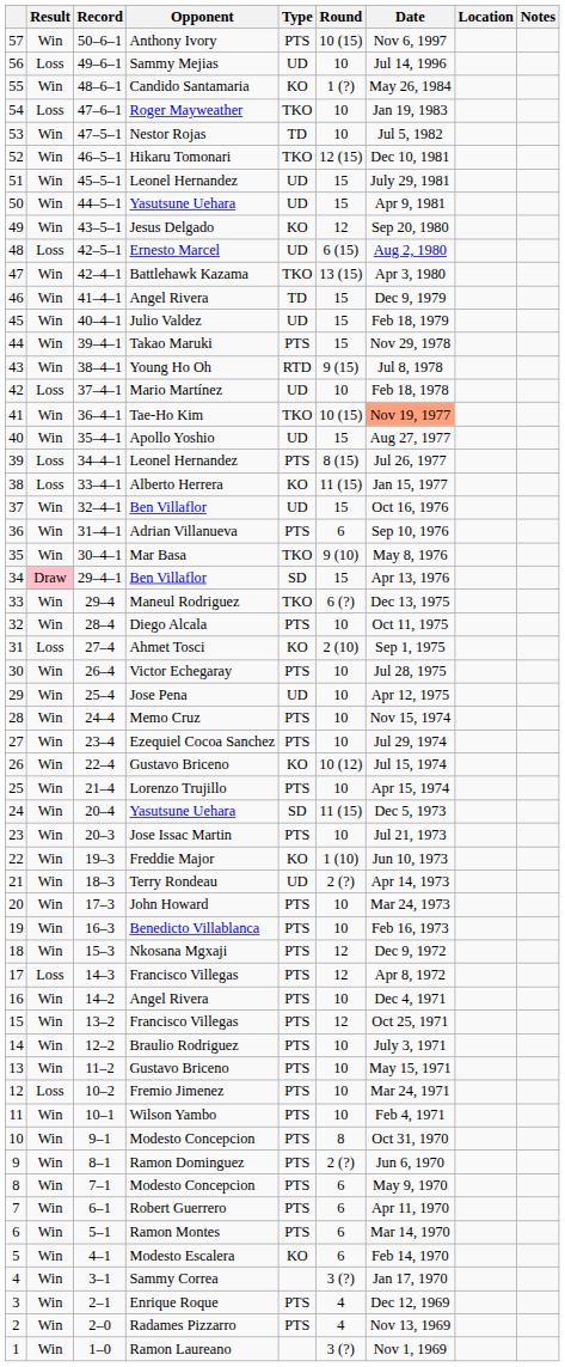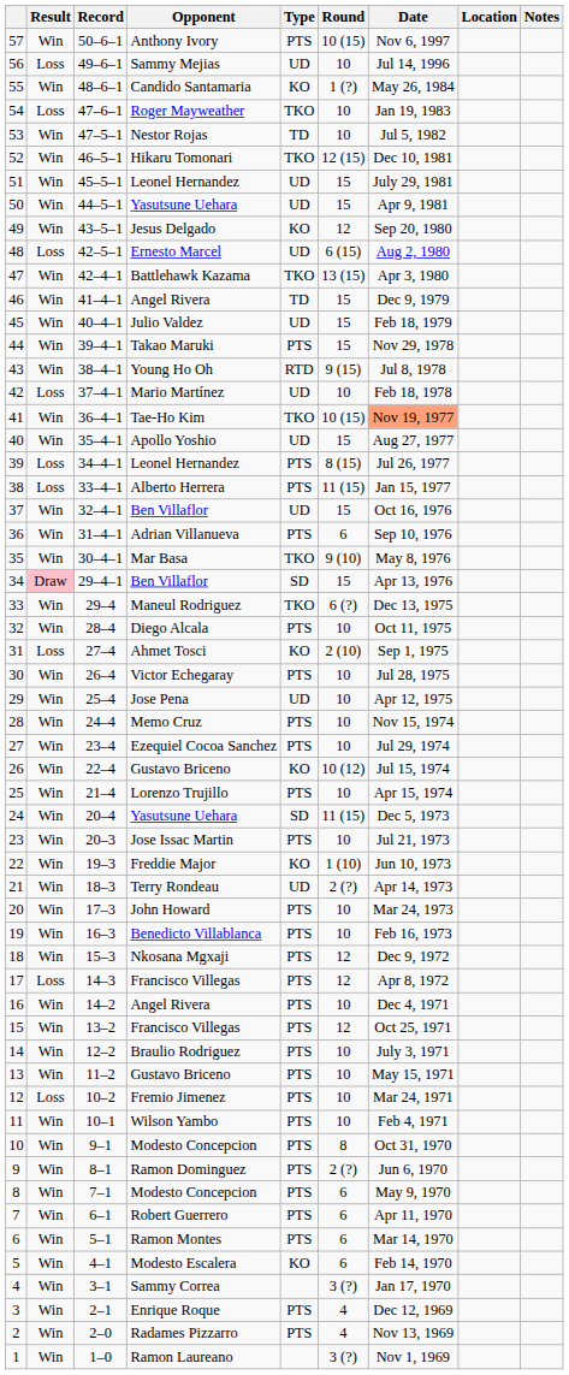 <table class="wikitable" style="text-align:center">
 <tr>
 <th></th>
 <th>Result</th>
 <th>Record</th>
 <th>Opponent</th>
 <th>Type</th>
 <th>Round</th>
 <th>Date</th>
 <th>Location</th>
 <th>Notes</th>
 </tr>
 <tr>
 <td>57</td>
 <td>Win</td>
 <td>50–6–1</td>
 <td align=left>Anthony Ivory</td>
 <td>PTS</td>
 <td>10 (15)</td>
 <td>Nov 6, 1997</td>
 <td align=left></td>
 <td align=left></td>
 </tr>
 <tr>
 <td>56</td>
 <td>Loss</td>
 <td>49–6–1</td>
 <td align=left>Sammy Mejias</td>
 <td>UD</td>
 <td>10</td>
 <td>Jul 14, 1996</td>
 <td align=left></td>
 <td align=left></td>
 </tr>
 <tr>
 <td>55</td>
 <td>Win</td>
 <td>48–6–1</td>
 <td align=left>Candido Santamaria</td>
 <td>KO</td>
 <td>1 (?)</td>
 <td>May 26, 1984</td>
 <td align=left></td>
 <td align=left></td>
 </tr>
 <tr>
 <td>54</td>
 <td>Loss</td>
 <td>47–6–1</td>
 <td align=left><a href='#'>Roger Mayweather</a></td>
 <td>TKO</td>
 <td>10</td>
 <td>Jan 19, 1983</td>
 <td align=left></td>
 <td align=left></td>
 </tr>
 <tr>
 <td>53</td>
 <td>Win</td>
 <td>47–5–1</td>
 <td align=left>Nestor Rojas</td>
 <td>TD</td>
 <td>10</td>
 <td>Jul 5, 1982</td>
 <td align=left></td>
 <td align=left></td>
 </tr>
 <tr>
 <td>52</td>
 <td>Win</td>
 <td>46–5–1</td>
 <td align=left>Hikaru Tomonari</td>
 <td>TKO</td>
 <td>12 (15)</td>
 <td>Dec 10, 1981</td>
 <td align=left></td>
 <td align=left></td>
 </tr>
 <tr>
 <td>51</td>
 <td>Win</td>
 <td>45–5–1</td>
 <td align=left>Leonel Hernandez</td>
 <td>UD</td>
 <td>15</td>
 <td>July 29, 1981</td>
 <td align=left></td>
 <td align=left></td>
 </tr>
 <tr>
 <td>50</td>
 <td>Win</td>
 <td>44–5–1</td>
 <td align=left><a href='#'>Yasutsune Uehara</a></td>
 <td>UD</td>
 <td>15</td>
 <td>Apr 9, 1981</td>
 <td align=left></td>
 <td align=left></td>
 </tr>
 <tr>
 <td>49</td>
 <td>Win</td>
 <td>43–5–1</td>
 <td align=left>Jesus Delgado</td>
 <td>KO</td>
 <td>12</td>
 <td>Sep 20, 1980</td>
 <td align=left></td>
 <td align=left></td>
 </tr>
 <tr>
 <td>48</td>
 <td>Loss</td>
 <td>42–5–1</td>
 <td align=left><a href='#'>Ernesto Marcel</a></td>
 <td>UD</td>
 <td>6 (15)</td>
 <td><a href='#'>Aug 2, 1980</a></td>
 <td align=left></td>
 <td align=left></td>
 </tr>
 <tr>
 <td>47</td>
 <td>Win</td>
 <td>42–4–1</td>
 <td align=left>Battlehawk Kazama</td>
 <td>TKO</td>
 <td>13 (15)</td>
 <td>Apr 3, 1980</td>
 <td align=left></td>
 <td align=left></td>
 </tr>
 <tr>
 <td>46</td>
 <td>Win</td>
 <td>41–4–1</td>
 <td align=left>Angel Rivera</td>
 <td>TD</td>
 <td>15</td>
 <td>Dec 9, 1979</td>
 <td align=left></td>
 <td align=left></td>
 </tr>
 <tr>
 <td>45</td>
 <td>Win</td>
 <td>40–4–1</td>
 <td align=left>Julio Valdez</td>
 <td>UD</td>
 <td>15</td>
 <td>Feb 18, 1979</td>
 <td align=left></td>
 <td align=left></td>
 </tr>
 <tr>
 <td>44</td>
 <td>Win</td>
 <td>39–4–1</td>
 <td align=left>Takao Maruki</td>
 <td>PTS</td>
 <td>15</td>
 <td>Nov 29, 1978</td>
 <td align=left></td>
 <td align=left></td>
 </tr>
 <tr>
 <td>43</td>
 <td>Win</td>
 <td>38–4–1</td>
 <td align=left>Young Ho Oh</td>
 <td>RTD</td>
 <td>9 (15)</td>
 <td>Jul 8, 1978</td>
 <td align=left></td>
 <td align=left></td>
 </tr>
 <tr>
 <td>42</td>
 <td>Loss</td>
 <td>37–4–1</td>
 <td align=left>Mario Martínez</td>
 <td>UD</td>
 <td>10</td>
 <td>Feb 18, 1978</td>
 <td align=left></td>
 <td align=left></td>
 </tr>
 <tr>
 <td>41</td>
 <td>Win</td>
 <td>36–4–1</td>
 <td align=left>Tae-Ho Kim</td>
 <td>TKO</td>
 <td>10 (15)</td>
 <td style="background: lightsalmon;">Nov 19, 1977</td>
 <td align=left></td>
 <td align=left></td>
 </tr>
 <tr>
 <td>40</td>
 <td>Win</td>
 <td>35–4–1</td>
 <td align=left>Apollo Yoshio</td>
 <td>UD</td>
 <td>15</td>
 <td>Aug 27, 1977</td>
 <td align=left></td>
 <td align=left></td>
 </tr>
 <tr>
 <td>39</td>
 <td>Loss</td>
 <td>34–4–1</td>
 <td align=left>Leonel Hernandez</td>
 <td>PTS</td>
 <td>8 (15)</td>
 <td>Jul 26, 1977</td>
 <td align=left></td>
 <td align=left></td>
 </tr>
 <tr>
 <td>38</td>
 <td>Loss</td>
 <td>33–4–1</td>
 <td align=left>Alberto Herrera</td>
-<td>KO</td>
+<td>PTS</td>
 <td>11 (15)</td>
 <td>Jan 15, 1977</td>
 <td align=left></td>
 <td align=left></td>
 </tr>
 <tr>
 <td>37</td>
 <td>Win</td>
 <td>32–4–1</td>
 <td align=left><a href='#'>Ben Villaflor</a></td>
 <td>UD</td>
 <td>15</td>
 <td>Oct 16, 1976</td>
 <td align=left></td>
 <td align=left></td>
 </tr>
 <tr>
 <td>36</td>
 <td>Win</td>
 <td>31–4–1</td>
 <td align=left>Adrian Villanueva</td>
 <td>PTS</td>
 <td>6</td>
 <td>Sep 10, 1976</td>
 <td align=left></td>
 <td align=left></td>
 </tr>
 <tr>
 <td>35</td>
 <td>Win</td>
 <td>30–4–1</td>
 <td align=left>Mar Basa</td>
 <td>TKO</td>
 <td>9 (10)</td>
 <td>May 8, 1976</td>
 <td align=left></td>
 <td align=left></td>
 </tr>
 <tr>
 <td>34</td>
 <td style="background: pink;">Draw</td>
 <td>29–4–1</td>
 <td align=left><a href='#'>Ben Villaflor</a></td>
 <td>SD</td>
 <td>15</td>
 <td>Apr 13, 1976</td>
 <td align=left></td>
 <td align=left></td>
 </tr>
 <tr>
 <td>33</td>
 <td>Win</td>
 <td>29–4</td>
 <td align=left>Maneul Rodriguez</td>
 <td>TKO</td>
 <td>6 (?)</td>
 <td>Dec 13, 1975</td>
 <td align=left></td>
 <td align=left></td>
 </tr>
 <tr>
 <td>32</td>
 <td>Win</td>
 <td>28–4</td>
 <td align=left>Diego Alcala</td>
 <td>PTS</td>
 <td>10</td>
 <td>Oct 11, 1975</td>
 <td align=left></td>
 <td align=left></td>
 </tr>
 <tr>
 <td>31</td>
 <td>Loss</td>
 <td>27–4</td>
 <td align=left>Ahmet Tosci</td>
 <td>KO</td>
 <td>2 (10)</td>
 <td>Sep 1, 1975</td>
 <td align=left></td>
 <td align=left></td>
 </tr>
 <tr>
 <td>30</td>
 <td>Win</td>
 <td>26–4</td>
 <td align=left>Victor Echegaray</td>
 <td>PTS</td>
 <td>10</td>
 <td>Jul 28, 1975</td>
 <td align=left></td>
 <td align=left></td>
 </tr>
 <tr>
 <td>29</td>
 <td>Win</td>
 <td>25–4</td>
 <td align=left>Jose Pena</td>
 <td>UD</td>
 <td>10</td>
 <td>Apr 12, 1975</td>
 <td align=left></td>
 <td align=left></td>
 </tr>
 <tr>
 <td>28</td>
 <td>Win</td>
 <td>24–4</td>
 <td align=left>Memo Cruz</td>
 <td>PTS</td>
 <td>10</td>
 <td>Nov 15, 1974</td>
 <td align=left></td>
 <td align=left></td>
 </tr>
 <tr>
 <td>27</td>
 <td>Win</td>
 <td>23–4</td>
 <td align=left>Ezequiel Cocoa Sanchez</td>
 <td>PTS</td>
 <td>10</td>
 <td>Jul 29, 1974</td>
 <td align=left></td>
 <td align=left></td>
 </tr>
 <tr>
 <td>26</td>
 <td>Win</td>
 <td>22–4</td>
 <td align=left>Gustavo Briceno</td>
 <td>KO</td>
 <td>10 (12)</td>
 <td>Jul 15, 1974</td>
 <td align=left></td>
 <td align=left></td>
 </tr>
 <tr>
 <td>25</td>
 <td>Win</td>
 <td>21–4</td>
 <td align=left>Lorenzo Trujillo</td>
 <td>PTS</td>
 <td>10</td>
 <td>Apr 15, 1974</td>
 <td align=left></td>
 <td align=left></td>
 </tr>
 <tr>
 <td>24</td>
 <td>Win</td>
 <td>20–4</td>
 <td align=left><a href='#'>Yasutsune Uehara</a></td>
 <td>SD</td>
 <td>11 (15)</td>
 <td>Dec 5, 1973</td>
 <td align=left></td>
 <td align=left></td>
 </tr>
 <tr>
 <td>23</td>
 <td>Win</td>
 <td>20–3</td>
 <td align=left>Jose Issac Martin</td>
 <td>PTS</td>
 <td>10</td>
 <td>Jul 21, 1973</td>
 <td align=left></td>
 <td align=left></td>
 </tr>
 <tr>
 <td>22</td>
 <td>Win</td>
 <td>19–3</td>
 <td align=left>Freddie Major</td>
 <td>KO</td>
 <td>1 (10)</td>
 <td>Jun 10, 1973</td>
 <td align=left></td>
 <td align=left></td>
 </tr>
 <tr>
 <td>21</td>
 <td>Win</td>
 <td>18–3</td>
 <td align=left>Terry Rondeau</td>
 <td>UD</td>
 <td>2 (?)</td>
 <td>Apr 14, 1973</td>
 <td align=left></td>
 <td align=left></td>
 </tr>
 <tr>
 <td>20</td>
 <td>Win</td>
 <td>17–3</td>
 <td align=left>John Howard</td>
 <td>PTS</td>
 <td>10</td>
 <td>Mar 24, 1973</td>
 <td align=left></td>
 <td align=left></td>
 </tr>
 <tr>
 <td>19</td>
 <td>Win</td>
 <td>16–3</td>
 <td align=left><a href='#'>Benedicto Villablanca</a></td>
 <td>PTS</td>
 <td>10</td>
 <td>Feb 16, 1973</td>
 <td align=left></td>
 <td align=left></td>
 </tr>
 <tr>
 <td>18</td>
 <td>Win</td>
 <td>15–3</td>
 <td align=left>Nkosana Mgxaji</td>
 <td>PTS</td>
 <td>12</td>
 <td>Dec 9, 1972</td>
 <td align=left></td>
 <td align=left></td>
 </tr>
 <tr>
 <td>17</td>
 <td>Loss</td>
 <td>14–3</td>
 <td align=left>Francisco Villegas</td>
 <td>PTS</td>
 <td>12</td>
 <td>Apr 8, 1972</td>
 <td align=left></td>
 <td align=left></td>
 </tr>
 <tr>
 <td>16</td>
 <td>Win</td>
 <td>14–2</td>
 <td align=left>Angel Rivera</td>
 <td>PTS</td>
 <td>10</td>
 <td>Dec 4, 1971</td>
 <td align=left></td>
 <td align=left></td>
 </tr>
 <tr>
 <td>15</td>
 <td>Win</td>
 <td>13–2</td>
 <td align=left>Francisco Villegas</td>
 <td>PTS</td>
 <td>12</td>
 <td>Oct 25, 1971</td>
 <td align=left></td>
 <td align=left></td>
 </tr>
 <tr>
 <td>14</td>
 <td>Win</td>
 <td>12–2</td>
 <td align=left>Braulio Rodriguez</td>
 <td>PTS</td>
 <td>10</td>
 <td>July 3, 1971</td>
 <td align=left></td>
 <td align=left></td>
 </tr>
 <tr>
 <td>13</td>
 <td>Win</td>
 <td>11–2</td>
 <td align=left>Gustavo Briceno</td>
 <td>PTS</td>
 <td>10</td>
 <td>May 15, 1971</td>
 <td align=left></td>
 <td align=left></td>
 </tr>
 <tr>
 <td>12</td>
 <td>Loss</td>
 <td>10–2</td>
 <td align=left>Fremio Jimenez</td>
 <td>PTS</td>
 <td>10</td>
 <td>Mar 24, 1971</td>
 <td align=left></td>
 <td align=left></td>
 </tr>
 <tr>
 <td>11</td>
 <td>Win</td>
 <td>10–1</td>
 <td align=left>Wilson Yambo</td>
 <td>PTS</td>
 <td>10</td>
 <td>Feb 4, 1971</td>
 <td align=left></td>
 <td align=left></td>
 </tr>
 <tr>
 <td>10</td>
 <td>Win</td>
 <td>9–1</td>
 <td align=left>Modesto Concepcion</td>
 <td>PTS</td>
 <td>8</td>
 <td>Oct 31, 1970</td>
 <td align=left></td>
 <td align=left></td>
 </tr>
 <tr>
 <td>9</td>
 <td>Win</td>
 <td>8–1</td>
 <td align=left>Ramon Dominguez</td>
 <td>PTS</td>
 <td>2 (?)</td>
 <td>Jun 6, 1970</td>
 <td align=left></td>
 <td align=left></td>
 </tr>
 <tr>
 <td>8</td>
 <td>Win</td>
 <td>7–1</td>
 <td align=left>Modesto Concepcion</td>
 <td>PTS</td>
 <td>6</td>
 <td>May 9, 1970</td>
 <td align=left></td>
 <td align=left></td>
 </tr>
 <tr>
 <td>7</td>
 <td>Win</td>
 <td>6–1</td>
 <td align=left>Robert Guerrero</td>
 <td>PTS</td>
 <td>6</td>
 <td>Apr 11, 1970</td>
 <td align=left></td>
 <td align=left></td>
 </tr>
 <tr>
 <td>6</td>
 <td>Win</td>
 <td>5–1</td>
 <td align=left>Ramon Montes</td>
 <td>PTS</td>
 <td>6</td>
 <td>Mar 14, 1970</td>
 <td align=left></td>
 <td align=left></td>
 </tr>
 <tr>
 <td>5</td>
 <td>Win</td>
 <td>4–1</td>
 <td align=left>Modesto Escalera</td>
 <td>KO</td>
 <td>6</td>
 <td>Feb 14, 1970</td>
 <td align=left></td>
 <td align=left></td>
 </tr>
 <tr>
 <td>4</td>
 <td>Win</td>
 <td>3–1</td>
 <td align=left>Sammy Correa</td>
 <td></td>
 <td>3 (?)</td>
 <td>Jan 17, 1970</td>
 <td align=left></td>
 <td align=left></td>
 </tr>
 <tr>
 <td>3</td>
 <td>Win</td>
 <td>2–1</td>
 <td align=left>Enrique Roque</td>
 <td>PTS</td>
 <td>4</td>
 <td>Dec 12, 1969</td>
 <td align=left></td>
 <td align=left></td>
 </tr>
 <tr>
 <td>2</td>
 <td>Win</td>
 <td>2–0</td>
 <td align=left>Radames Pizzarro</td>
 <td>PTS</td>
 <td>4</td>
 <td>Nov 13, 1969</td>
 <td align=left></td>
 <td align=left></td>
 </tr>
 <tr>
 <td>1</td>
 <td>Win</td>
 <td>1–0</td>
 <td align=left>Ramon Laureano</td>
 <td></td>
 <td>3 (?)</td>
 <td>Nov 1, 1969</td>
 <td align=left></td>
 <td align=left></td>
 </tr>
 </table>
